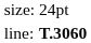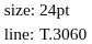 <table style="margin-left:40px;">
 <tr>
 <td>size:</td>
 <td>24pt</td>
 </tr>
 <tr>
 <td>line:</td>
-<td><strong>T.3060</strong></td>
+<td>T.3060</td>
 </tr>
 </table>
